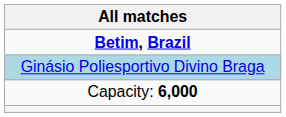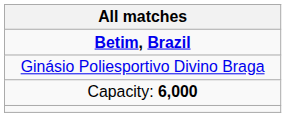 <table class="wikitable" style="text-align:center" width=280>
 <tr>
 <th>All matches</th>
 </tr>
 <tr>
 <td> <strong><a href='#'>Betim</a>, <a href='#'>Brazil</a></strong></td>
 </tr>
 <tr>
-<td style="background: lightblue;"><a href='#'>Ginásio Poliesportivo Divino Braga</a></td>
+<td><a href='#'>Ginásio Poliesportivo Divino Braga</a></td>
 </tr>
 <tr>
 <td>Capacity: <strong>6,000</strong></td>
 </tr>
 <tr>
 <td></td>
 </tr>
 </table>
